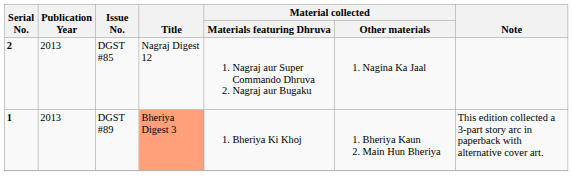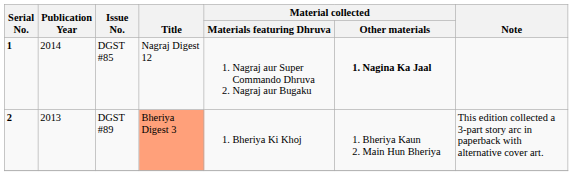 <table class="wikitable unsortable">
 <tr>
 <th rowspan="2" style="vertical-align:bottom; width:50px;">Serial No.</th>
 <th rowspan="2" style="vertical-align:bottom; width:85px;">Publication Year</th>
 <th rowspan="2" style="vertical-align:bottom; width:85px;">Issue No.</th>
 <th rowspan="2" style="vertical-align:bottom; width:150px;">Title</th>
 <th colspan="2" style="vertical-align:bottom; width:600px;">Material collected</th>
 <th rowspan="2" style="vertical-align:bottom; width:300px;">Note</th>
 </tr>
 <tr style="vertical-align:top;">
 <th style="vertical-align:bottom; width:300px;">Materials featuring Dhruva</th>
 <th style="vertical-align:bottom; width:300px;">Other materials</th>
 </tr>
 <tr style="vertical-align:top;">
-<td><strong>2</strong></td>
-<td>2013</td>
+<td><strong>1</strong></td>
+<td>2014</td>
 <td>DGST #85</td>
 <td>Nagraj Digest 12</td>
 <td><br><ol><li>Nagraj aur Super Commando Dhruva</li><li>Nagraj aur Bugaku</li></ol></td>
-<td><br><ol><li>Nagina Ka Jaal</li></ol></td>
+<td><strong><br><ol><li>Nagina Ka Jaal</li></ol></strong></td>
 <td></td>
 </tr>
 <tr style="vertical-align:top;">
-<td><strong>1</strong></td>
+<td><strong>2</strong></td>
 <td>2013</td>
 <td>DGST #89</td>
 <td style="background: lightsalmon;">Bheriya Digest 3</td>
 <td><br><ol><li>Bheriya Ki Khoj</li></ol></td>
 <td><br><ol><li>Bheriya Kaun</li><li>Main Hun Bheriya</li></ol></td>
 <td>This edition collected a 3-part story arc in paperback with alternative cover art.</td>
 </tr>
 <tr style="vertical-align:top;">
 </tr>
 </table>
